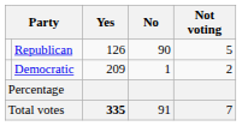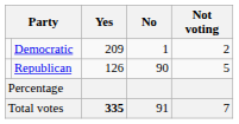 <table class="wikitable" style="margin-right: 1em; background: #f9f9f9; text-align: right;">
 <tr>
 <th colspan="2" scope="col" style="width: 90px">Party</th>
 <th scope="col" style="width: 50px">Yes</th>
 <th scope="col" style="width: 50px">No</th>
 <th scope="col" style="width: 70px">Not voting</th>
 </tr>
 <tr>
 <td scope="row" style="background-color:"></td>
+<td scope="row" style="text-align: left;"><a href='#'>Democratic</a></td>
+<td>209</td>
+<td>1</td>
+<td>2</td>
+</tr>
+<tr>
+<td scope="row" style="background-color:"></td>
 <td scope="row" style="text-align: left;"><a href='#'>Republican</a></td>
 <td>126</td>
 <td>90</td>
 <td>5</td>
-</tr>
-<tr>
-<td scope="row" style="background-color:"></td>
-<td scope="row" style="text-align: left;"><a href='#'>Democratic</a></td>
-<td>209</td>
-<td>1</td>
-<td>2</td>
 </tr>
 <tr class="tfoot" style="background:#f2f2f2;"|>
 <td scope="row" colspan="2" style="text-align:left;">Percentage</td>
 <td><strong></strong></td>
 <td></td>
 <td></td>
 </tr>
 <tr class="tfoot" style="background:#f2f2f2;">
 <td scope="row" colspan="2" style="text-align:left;">Total votes</td>
 <td><strong>335</strong></td>
 <td>91</td>
 <td>7</td>
 </tr>
 </table>
